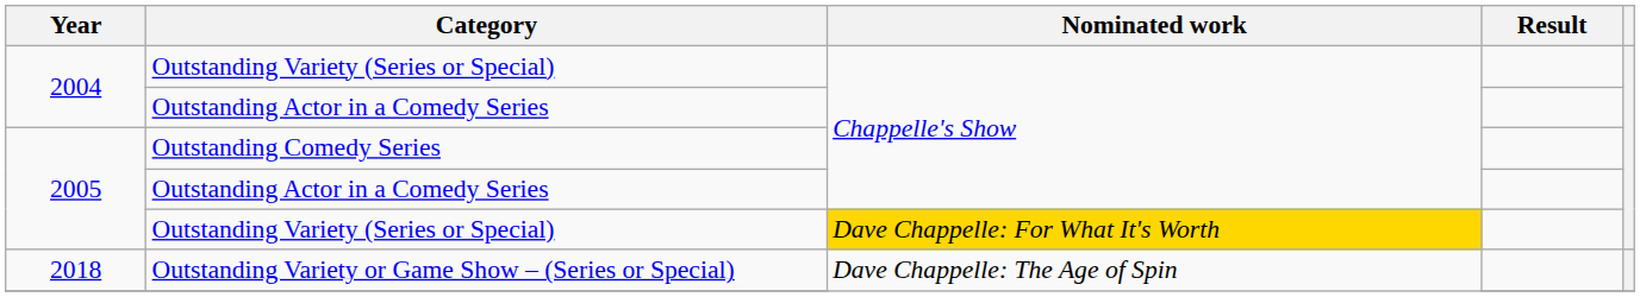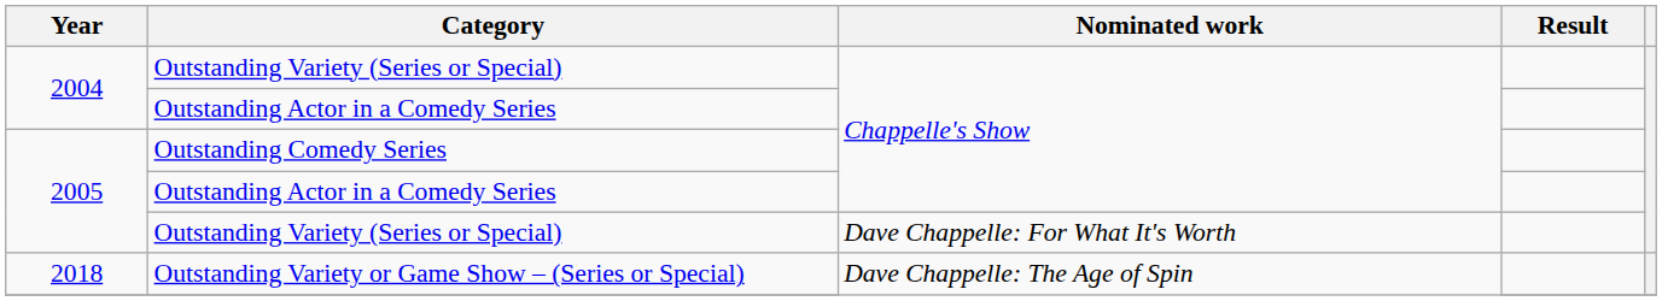 <table class=wikitable>
 <tr>
 <th scope="col" style="width:5em;">Year</th>
 <th scope="col" style="width:26em;">Category</th>
 <th scope="col" style="width:25em;">Nominated work</th>
 <th scope="col" style="width:5em;">Result</th>
 <th></th>
 </tr>
 <tr>
 <td style="text-align:center;", rowspan="2"><a href='#'>2004</a></td>
 <td><a href='#'>Outstanding Variety (Series or Special)</a></td>
 <td rowspan="4"><em><a href='#'>Chappelle's Show</a></em></td>
 <td></td>
 <th style="text-align:center;" rowspan="5"></th>
 </tr>
 <tr>
 <td><a href='#'>Outstanding Actor in a Comedy Series</a></td>
 <td></td>
 </tr>
 <tr>
 <td style="text-align:center;", rowspan="3"><a href='#'>2005</a></td>
 <td><a href='#'>Outstanding Comedy Series</a></td>
 <td></td>
 </tr>
 <tr>
 <td><a href='#'>Outstanding Actor in a Comedy Series</a></td>
 <td></td>
 </tr>
 <tr>
 <td><a href='#'>Outstanding Variety (Series or Special)</a></td>
-<td style="background: gold;"><em>Dave Chappelle: For What It's Worth</em></td>
+<td><em>Dave Chappelle: For What It's Worth</em></td>
 <td></td>
 </tr>
 <tr>
 <td style="text-align:center;"><a href='#'>2018</a></td>
 <td><a href='#'>Outstanding Variety or Game Show – (Series or Special)</a></td>
 <td rowspan="2"><em>Dave Chappelle: The Age of Spin</em></td>
 <td></td>
 <th style="text-align:center;"></th>
 </tr>
 <tr>
 </tr>
 </table>
